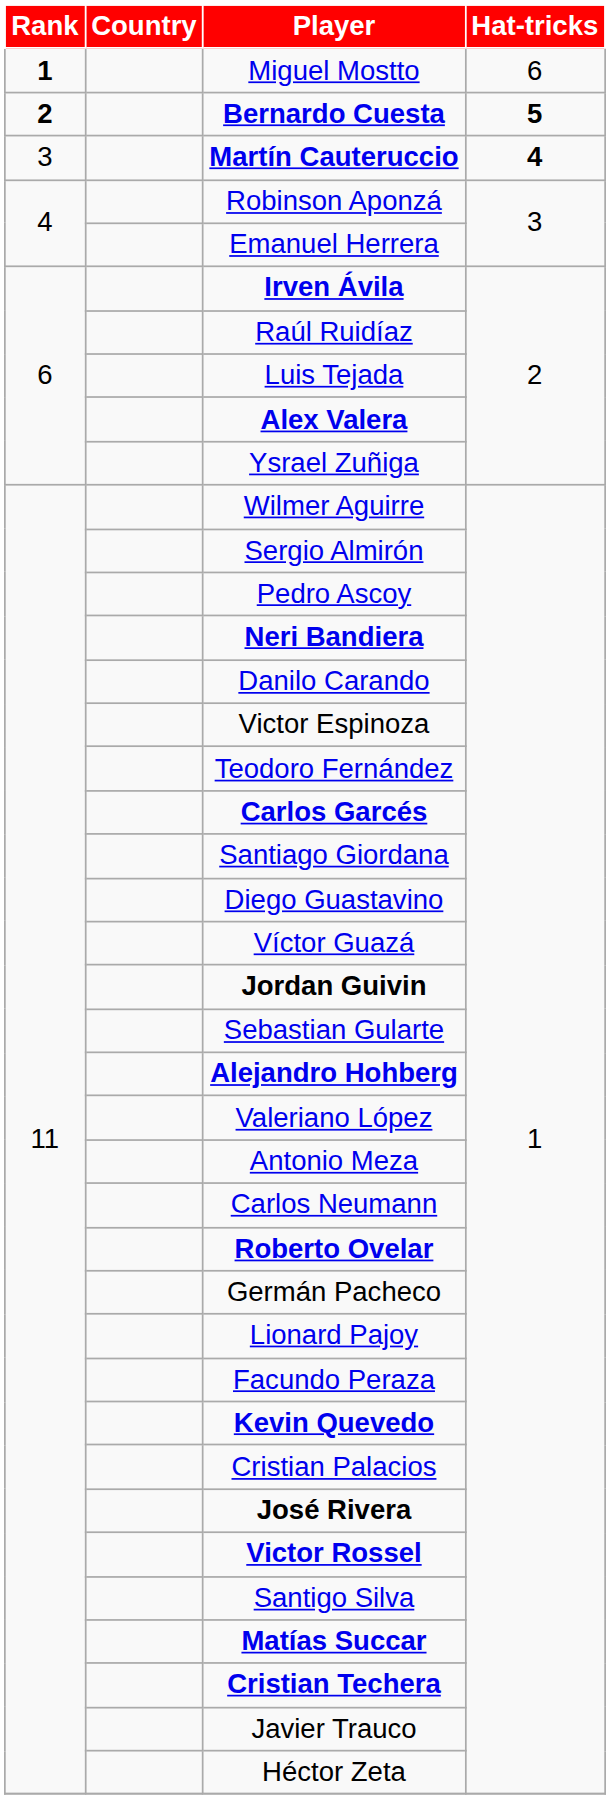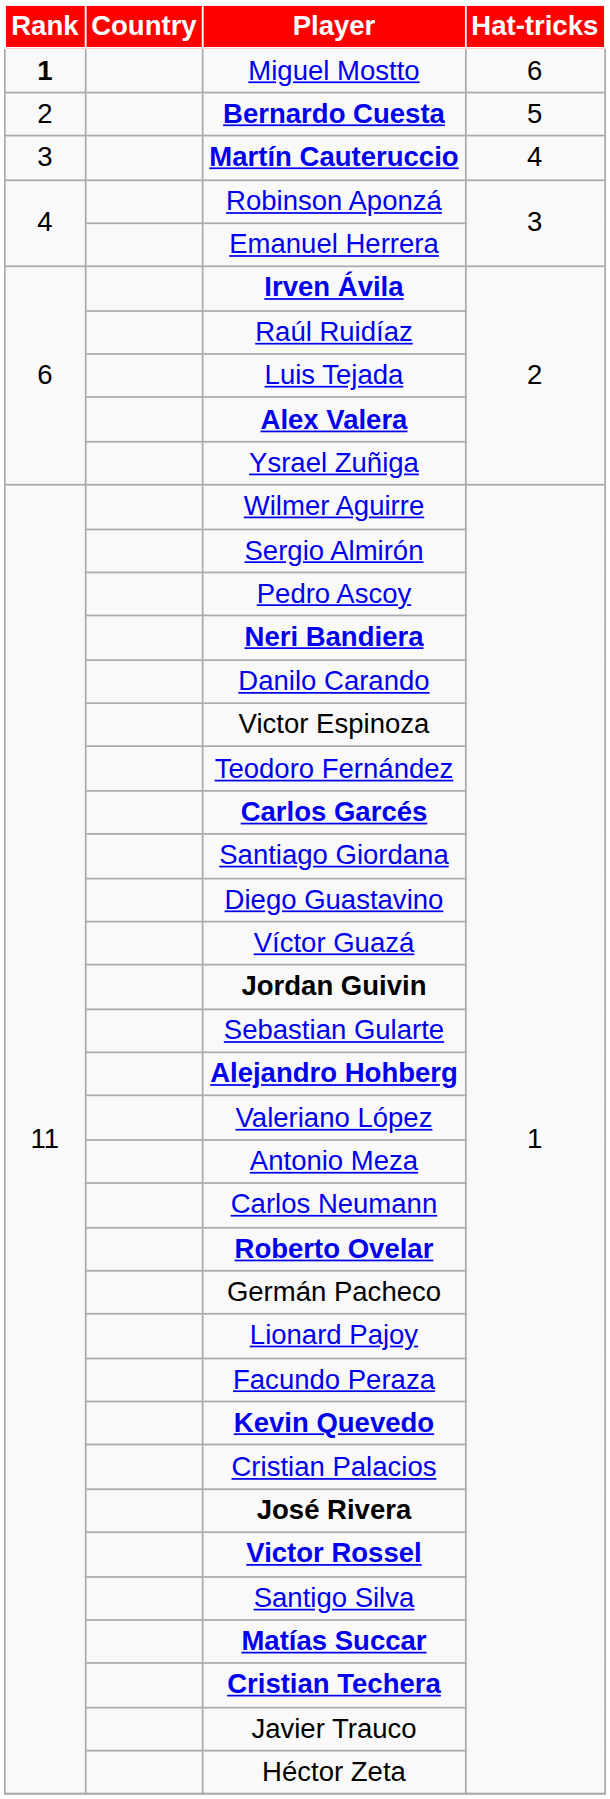 <table class="wikitable" style="text-align:center;">
 <tr>
 <th style="background:red; color:white; border:1px solid white;">Rank</th>
 <th style="background:red; color:white; border:1px solid white;">Country</th>
 <th style="background:red; color:white; border:1px solid white;">Player</th>
 <th style="background:red; color:white; border:1px solid white;">Hat-tricks</th>
 </tr>
 <tr>
 <td><strong>1</strong></td>
 <td></td>
 <td><a href='#'>Miguel Mostto</a></td>
 <td>6</td>
 </tr>
 <tr>
-<td><strong>2</strong></td>
+<td>2</td>
 <td></td>
 <td><strong><a href='#'>Bernardo Cuesta</a></strong></td>
-<td><strong>5</strong></td>
+<td>5</td>
 </tr>
 <tr>
 <td>3</td>
 <td></td>
 <td><strong><a href='#'>Martín Cauteruccio</a></strong></td>
-<td><strong>4</strong></td>
+<td>4</td>
 </tr>
 <tr>
 <td rowspan=2>4</td>
 <td></td>
 <td><a href='#'>Robinson Aponzá</a></td>
 <td rowspan=2>3</td>
 </tr>
 <tr>
 <td></td>
 <td><a href='#'>Emanuel Herrera</a></td>
 </tr>
 <tr>
 <td rowspan=5>6</td>
 <td></td>
 <td><strong><a href='#'>Irven Ávila</a></strong></td>
 <td rowspan=5>2</td>
 </tr>
 <tr>
 <td></td>
 <td><a href='#'>Raúl Ruidíaz</a></td>
 </tr>
 <tr>
 <td></td>
 <td><a href='#'>Luis Tejada</a></td>
 </tr>
 <tr>
 <td></td>
 <td><strong><a href='#'>Alex Valera</a></strong></td>
 </tr>
 <tr>
 <td></td>
 <td><a href='#'>Ysrael Zuñiga</a></td>
 </tr>
 <tr>
 <td rowspan=30>11</td>
 <td></td>
 <td><a href='#'>Wilmer Aguirre</a></td>
 <td rowspan=30>1</td>
 </tr>
 <tr>
 <td></td>
 <td><a href='#'>Sergio Almirón</a></td>
 </tr>
 <tr>
 <td></td>
 <td><a href='#'>Pedro Ascoy</a></td>
 </tr>
 <tr>
 <td></td>
 <td><strong><a href='#'>Neri Bandiera</a></strong></td>
 </tr>
 <tr>
 <td></td>
 <td><a href='#'>Danilo Carando</a></td>
 </tr>
 <tr>
 <td></td>
 <td>Victor Espinoza</td>
 </tr>
 <tr>
 <td></td>
 <td><a href='#'>Teodoro Fernández</a></td>
 </tr>
 <tr>
 <td></td>
 <td><strong><a href='#'>Carlos Garcés</a></strong></td>
 </tr>
 <tr>
 <td></td>
 <td><a href='#'>Santiago Giordana</a></td>
 </tr>
 <tr>
 <td></td>
 <td><a href='#'>Diego Guastavino</a></td>
 </tr>
 <tr>
 <td></td>
 <td><a href='#'>Víctor Guazá</a></td>
 </tr>
 <tr>
 <td></td>
 <td><strong>Jordan Guivin</strong></td>
 </tr>
 <tr>
 <td></td>
 <td><a href='#'>Sebastian Gularte</a></td>
 </tr>
 <tr>
 <td></td>
 <td><strong><a href='#'>Alejandro Hohberg</a></strong></td>
 </tr>
 <tr>
 <td></td>
 <td><a href='#'>Valeriano López</a></td>
 </tr>
 <tr>
 <td></td>
 <td><a href='#'>Antonio Meza</a></td>
 </tr>
 <tr>
 <td></td>
 <td><a href='#'>Carlos Neumann</a></td>
 </tr>
 <tr>
 <td></td>
 <td><strong><a href='#'>Roberto Ovelar</a></strong></td>
 </tr>
 <tr>
 <td></td>
 <td>Germán Pacheco</td>
 </tr>
 <tr>
 <td></td>
 <td><a href='#'>Lionard Pajoy</a></td>
 </tr>
 <tr>
 <td></td>
 <td><a href='#'>Facundo Peraza</a></td>
 </tr>
 <tr>
 <td></td>
 <td><strong><a href='#'>Kevin Quevedo</a></strong></td>
 </tr>
 <tr>
 <td></td>
 <td><a href='#'>Cristian Palacios</a></td>
 </tr>
 <tr>
 <td></td>
 <td><strong>José Rivera</strong></td>
 </tr>
 <tr>
 <td></td>
 <td><strong><a href='#'>Victor Rossel</a></strong></td>
 </tr>
 <tr>
 <td></td>
 <td><a href='#'>Santigo Silva</a></td>
 </tr>
 <tr>
 <td></td>
 <td><strong><a href='#'>Matías Succar</a></strong></td>
 </tr>
 <tr>
 <td></td>
 <td><strong><a href='#'>Cristian Techera</a></strong></td>
 </tr>
 <tr>
 <td></td>
 <td>Javier Trauco</td>
 </tr>
 <tr>
 <td></td>
 <td>Héctor Zeta</td>
 </tr>
 <tr>
 </tr>
 </table>
